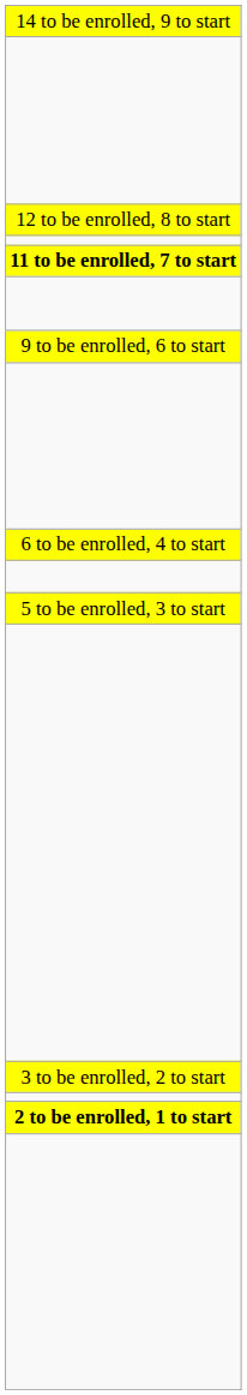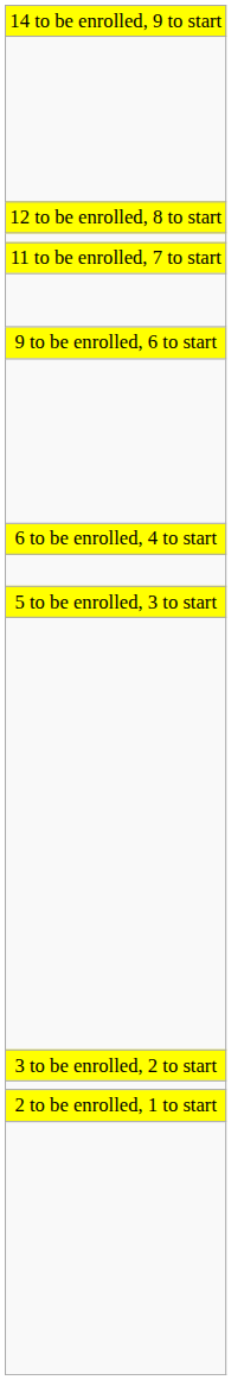 <table class="wikitable">
 <tr>
 <td bgcolor="#ffff00" align=center>14 to be enrolled, 9 to start</td>
 </tr>
 <tr>
 <td><br><br><br><br><br><br><br></td>
 </tr>
 <tr>
 <td bgcolor="#ffff00" align=center>12 to be enrolled, 8 to start</td>
 </tr>
 <tr>
 <td></td>
 </tr>
 <tr>
-<td bgcolor="#ffff00" align=center><strong>11 to be enrolled, 7 to start</strong></td>
+<td bgcolor="#ffff00" align=center>11 to be enrolled, 7 to start</td>
 </tr>
 <tr>
 <td><br><br></td>
 </tr>
 <tr>
 <td bgcolor="#ffff00" align=center>9 to be enrolled, 6 to start</td>
 </tr>
 <tr>
 <td><br><br><br><br><br><br><br></td>
 </tr>
 <tr>
 <td bgcolor="#ffff00" align=center>6 to be enrolled, 4 to start</td>
 </tr>
 <tr>
 <td><br></td>
 </tr>
 <tr>
 <td bgcolor="#ffff00" align=center>5 to be enrolled, 3 to start</td>
 </tr>
 <tr>
 <td><br><br><br><br><br><br><br><br><br><br><br><br><br><br><br><br><br><br><br></td>
 </tr>
 <tr>
 <td bgcolor="#ffff00" align=center>3 to be enrolled, 2 to start</td>
 </tr>
 <tr>
 <td></td>
 </tr>
 <tr>
-<td bgcolor="#ffff00" align=center><strong>2 to be enrolled, 1 to start</strong></td>
+<td bgcolor="#ffff00" align=center>2 to be enrolled, 1 to start</td>
 </tr>
 <tr>
 <td><br><br><br><br><br><br><br><br><br><br><br></td>
 </tr>
 <tr>
 </tr>
 </table>
